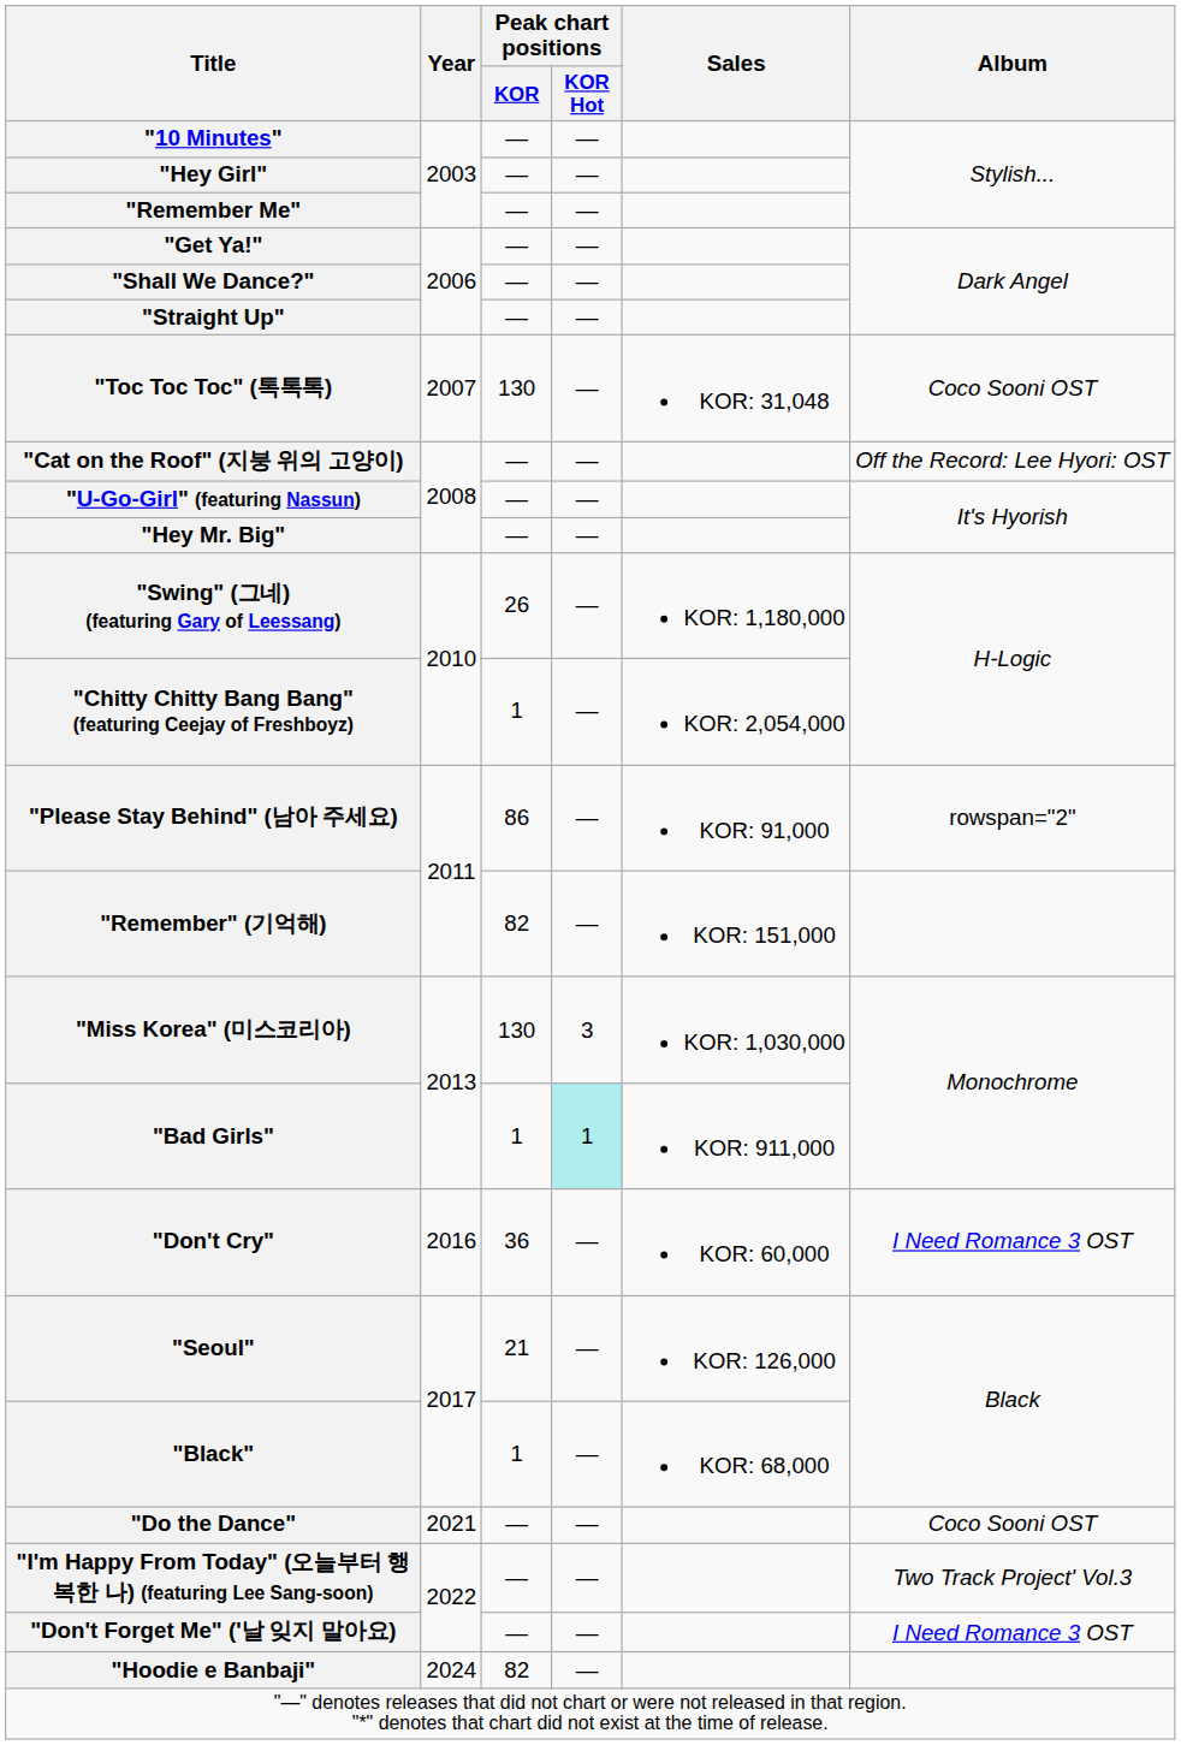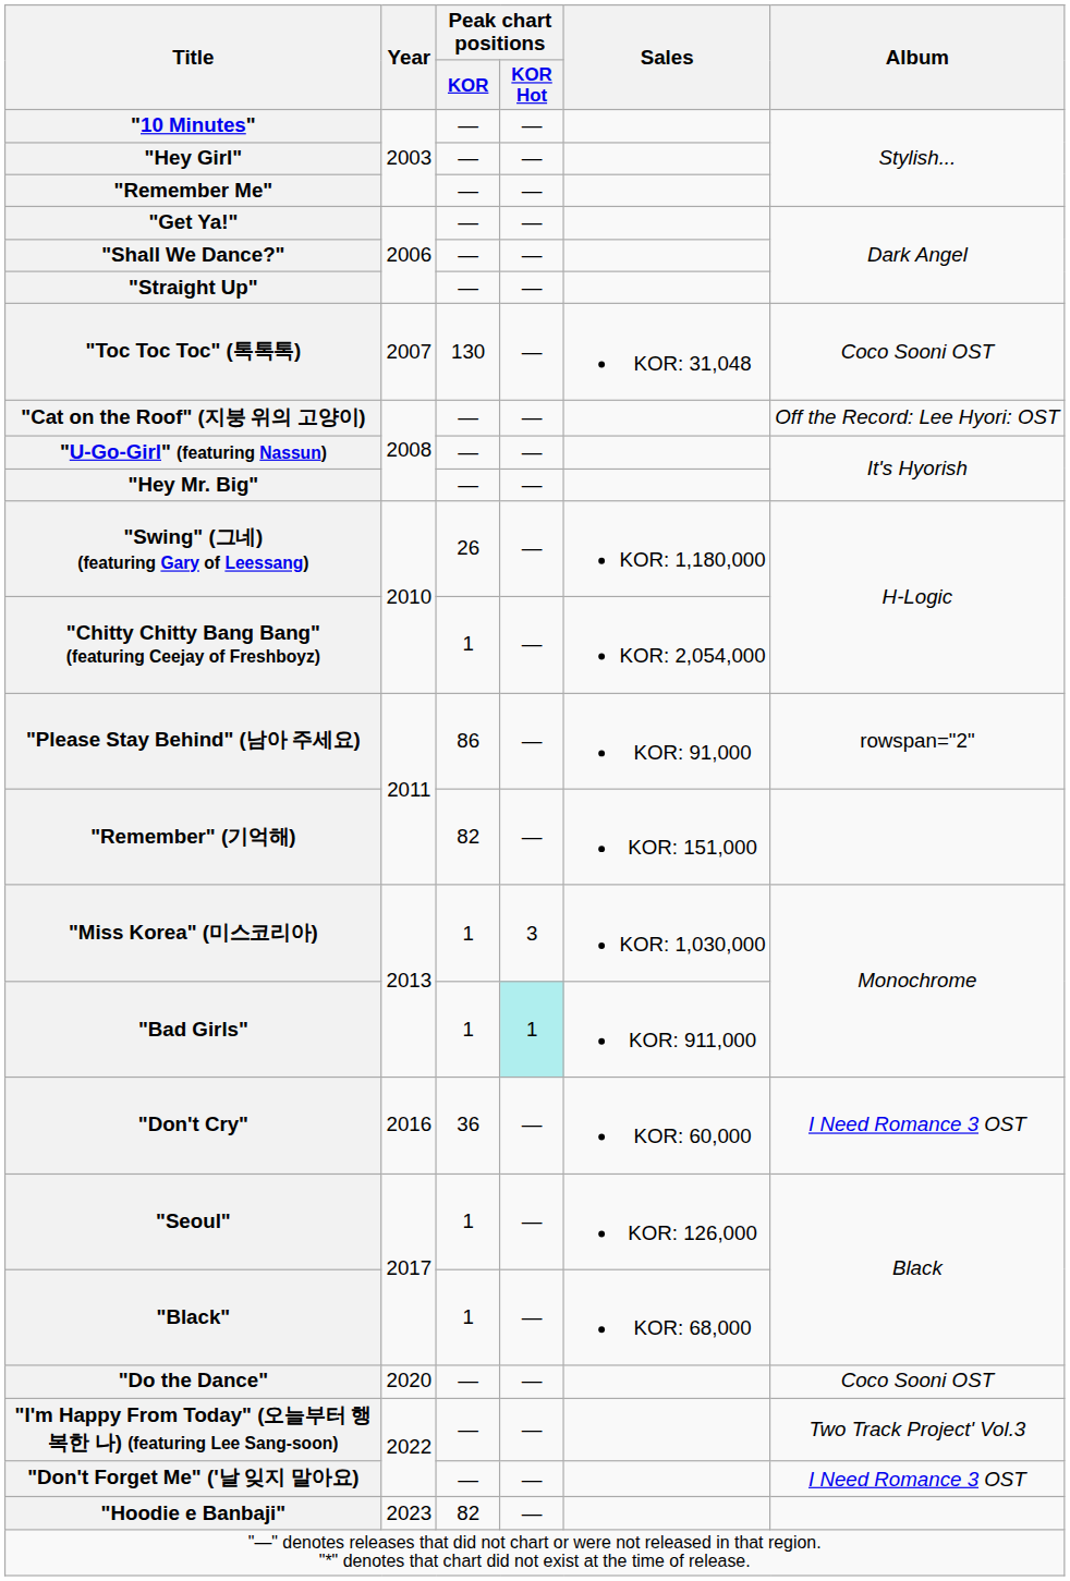 <table class="wikitable plainrowheaders" style="text-align:center">
 <tr>
 <th scope="col" rowspan="2" style="width:18em;">Title</th>
 <th scope="col" rowspan="2">Year</th>
 <th scope="col" colspan="2">Peak chart positions</th>
 <th scope="col" rowspan="2">Sales</th>
 <th scope="col" rowspan="2">Album</th>
 </tr>
 <tr>
 <th scope="col" style="width:3em;font-size:90%;"><a href='#'>KOR</a><br></th>
 <th scope="col" style="width:3em;font-size:90%;"><a href='#'>KOR Hot</a><br></th>
 </tr>
 <tr>
 <th scope="row">"<a href='#'>10 Minutes</a>"</th>
 <td rowspan="3">2003</td>
 <td>—</td>
 <td>—</td>
 <td></td>
 <td rowspan="3"><em>Stylish...</em></td>
 </tr>
 <tr>
 <th scope="row">"Hey Girl"</th>
 <td>—</td>
 <td>—</td>
 <td></td>
 </tr>
 <tr>
 <th scope="row">"Remember Me"</th>
 <td>—</td>
 <td>—</td>
 <td></td>
 </tr>
 <tr>
 <th scope="row">"Get Ya!"</th>
 <td rowspan="3">2006</td>
 <td>—</td>
 <td>—</td>
 <td></td>
 <td rowspan="3"><em>Dark Angel</em></td>
 </tr>
 <tr>
 <th scope="row">"Shall We Dance?"</th>
 <td>—</td>
 <td>—</td>
 <td></td>
 </tr>
 <tr>
 <th scope="row">"Straight Up"</th>
 <td>—</td>
 <td>—</td>
 <td></td>
 </tr>
 <tr>
 <th scope="row">"Toc Toc Toc" (톡톡톡)</th>
 <td>2007</td>
 <td>130</td>
 <td>—</td>
 <td><br><ul><li>KOR: 31,048 </li></ul></td>
 <td><em>Coco Sooni OST</em></td>
 </tr>
 <tr>
 <th scope="row">"Cat on the Roof" (지붕 위의 고양이)</th>
 <td rowspan="3">2008</td>
 <td>—</td>
 <td>—</td>
 <td></td>
 <td><em>Off the Record: Lee Hyori: OST</em></td>
 </tr>
 <tr>
 <th scope="row">"<a href='#'>U-Go-Girl</a>" <small>(featuring <a href='#'>Nassun</a>)</small></th>
 <td>—</td>
 <td>—</td>
 <td></td>
 <td rowspan="2"><em>It's Hyorish</em></td>
 </tr>
 <tr>
 <th scope="row">"Hey Mr. Big"</th>
 <td>—</td>
 <td>—</td>
 <td></td>
 </tr>
 <tr>
 <th scope="row">"Swing" (그네)<br><small>(featuring <a href='#'>Gary</a> of <a href='#'>Leessang</a>)</small></th>
 <td rowspan="2">2010</td>
 <td>26</td>
 <td>—</td>
 <td><br><ul><li>KOR: 1,180,000</li></ul></td>
 <td rowspan="2"><em>H-Logic</em></td>
 </tr>
 <tr>
 <th scope="row">"Chitty Chitty Bang Bang"<br><small>(featuring Ceejay of Freshboyz)</small></th>
 <td>1</td>
 <td>—</td>
 <td><br><ul><li>KOR: 2,054,000</li></ul></td>
 </tr>
 <tr>
 <th scope="row">"Please Stay Behind" (남아 주세요)</th>
 <td rowspan="2">2011</td>
 <td>86</td>
 <td>—</td>
 <td><br><ul><li>KOR: 91,000</li></ul></td>
 <td>rowspan="2" </td>
 </tr>
 <tr>
 <th scope="row">"Remember" (기억해)</th>
 <td>82</td>
 <td>—</td>
 <td><br><ul><li>KOR: 151,000</li></ul></td>
 </tr>
 <tr>
 <th scope="row">"Miss Korea" (미스코리아)</th>
 <td rowspan="2">2013</td>
-<td>130</td>
+<td>1</td>
 <td>3</td>
 <td><br><ul><li>KOR: 1,030,000</li></ul></td>
 <td rowspan="2"><em>Monochrome</em></td>
 </tr>
 <tr>
 <th scope="row">"Bad Girls"</th>
 <td>1</td>
 <td style="background: paleturquoise;">1</td>
 <td><br><ul><li>KOR: 911,000</li></ul></td>
 </tr>
 <tr>
 <th scope="row">"Don't Cry"</th>
 <td>2016</td>
 <td>36</td>
 <td>—</td>
 <td><br><ul><li>KOR: 60,000</li></ul></td>
 <td><em><a href='#'>I Need Romance 3</a> OST</em></td>
 </tr>
 <tr>
 <th scope="row">"Seoul"</th>
 <td rowspan="2">2017</td>
-<td>21</td>
+<td>1</td>
 <td>—</td>
 <td><br><ul><li>KOR: 126,000</li></ul></td>
 <td rowspan="2"><em>Black</em></td>
 </tr>
 <tr>
 <th scope="row">"Black"</th>
 <td>1</td>
 <td>—</td>
 <td><br><ul><li>KOR: 68,000</li></ul></td>
 </tr>
 <tr>
 <th scope="row">"Do the Dance"</th>
-<td>2021</td>
+<td>2020</td>
 <td>—</td>
 <td>—</td>
 <td></td>
 <td><em>Coco Sooni OST</em></td>
 </tr>
 <tr>
 <th scope="row">"I'm Happy From Today" (오늘부터 행복한 나) <small>(featuring Lee Sang-soon)</small></th>
 <td rowspan=2>2022</td>
 <td>—</td>
 <td>—</td>
 <td></td>
 <td><em>Two Track Project' Vol.3</em></td>
 </tr>
 <tr>
 <th scope="row">"Don't Forget Me" ('날 잊지 말아요)</th>
 <td>—</td>
 <td>—</td>
 <td></td>
 <td><em><a href='#'>I Need Romance 3</a> OST</em></td>
 </tr>
 <tr>
 <th scope="row">"Hoodie e Banbaji"</th>
-<td>2024</td>
+<td>2023</td>
 <td>82</td>
 <td>—</td>
 <td></td>
 <td></td>
 </tr>
 <tr>
 <td colspan="6" style="font-size:85%">"—" denotes releases that did not chart or were not released in that region.<br> "*" denotes that chart did not exist at the time of release.<br></td>
 </tr>
 </table>
